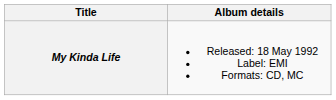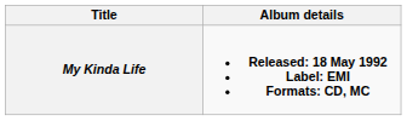 <table class="wikitable plainrowheaders" style="text-align:center;">
 <tr>
 <th scope="col" style="width:15em;">Title</th>
 <th scope="col" style="width:15em;">Album details</th>
 </tr>
 <tr>
 <th scope="row"><em>My Kinda Life</em></th>
-<td><br><ul><li>Released: 18 May 1992</li><li>Label: EMI</li><li>Formats: CD, MC</li></ul></td>
+<td><strong><br><ul><li>Released: 18 May 1992</li><li>Label: EMI</li><li>Formats: CD, MC</li></ul></strong></td>
 </tr>
 </table>
